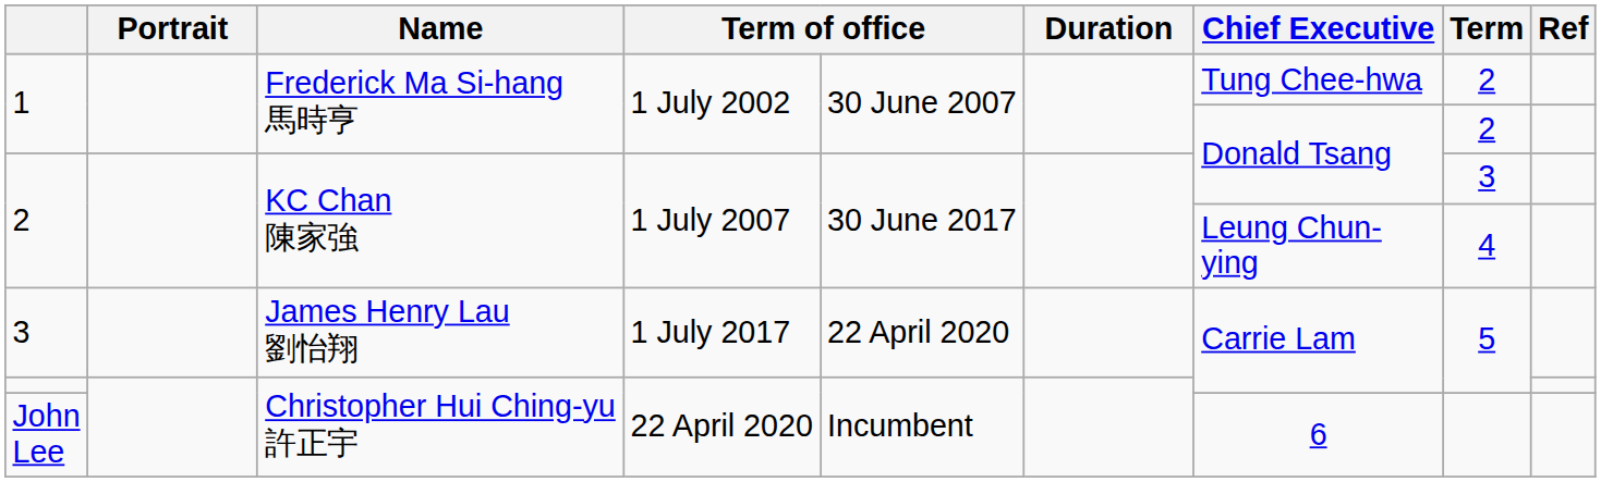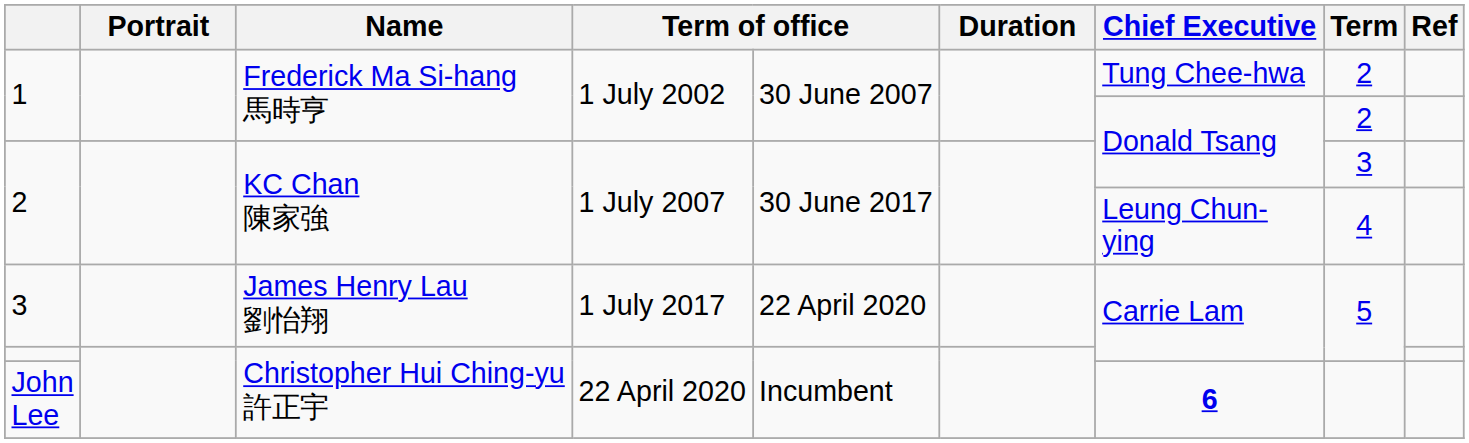 <table class="wikitable"  style="text-align:left">
 <tr>
 <th width=10px></th>
 <th width=80px>Portrait</th>
 <th width=180px>Name</th>
 <th width=180px colspan=2>Term of office</th>
 <th width=80px>Duration</th>
 <th width=120px><a href='#'>Chief Executive</a></th>
 <th>Term</th>
 <th>Ref</th>
 </tr>
 <tr>
 <td rowspan=2 bgcolor=>1</td>
 <td rowspan=2></td>
 <td rowspan=2><a href='#'>Frederick Ma Si-hang</a><br>馬時亨</td>
 <td rowspan=2>1 July 2002</td>
 <td rowspan=2>30 June 2007</td>
 <td rowspan=2></td>
 <td><a href='#'>Tung Chee-hwa</a><br></td>
 <td align=center><a href='#'>2</a></td>
 <td></td>
 </tr>
 <tr>
 <td rowspan=2><a href='#'>Donald Tsang</a><br></td>
 <td align=center><a href='#'>2</a></td>
 <td></td>
 </tr>
 <tr>
 <td rowspan=2 bgcolor=>2</td>
 <td rowspan=2></td>
 <td rowspan=2><a href='#'>KC Chan</a><br>陳家強</td>
 <td rowspan=2>1 July 2007</td>
 <td rowspan=2>30 June 2017</td>
 <td rowspan=2></td>
 <td align=center><a href='#'>3</a></td>
 <td></td>
 </tr>
 <tr>
 <td><a href='#'>Leung Chun-ying</a><br></td>
 <td align=center><a href='#'>4</a></td>
 <td></td>
 </tr>
 <tr>
 <td bgcolor=>3</td>
 <td></td>
 <td><a href='#'>James Henry Lau</a><br>劉怡翔</td>
 <td>1 July 2017</td>
 <td>22 April 2020</td>
 <td></td>
 <td rowspan=2><a href='#'>Carrie Lam</a><br></td>
 <td rowspan=2 align=center><a href='#'>5</a></td>
 <td></td>
 </tr>
 <tr>
 <td bgcolor=></td>
 <td rowspan=2></td>
 <td rowspan=2><a href='#'>Christopher Hui Ching-yu</a><br>許正宇</td>
 <td rowspan=2>22 April 2020</td>
 <td rowspan=2>Incumbent</td>
 <td rowspan=2></td>
 <td></td>
 </tr>
 <tr>
 <td><a href='#'>John Lee</a><br></td>
-<td align=center><a href='#'>6</a></td>
+<td align=center><strong><a href='#'>6</a></strong></td>
 <td></td>
 </tr>
 </table>
